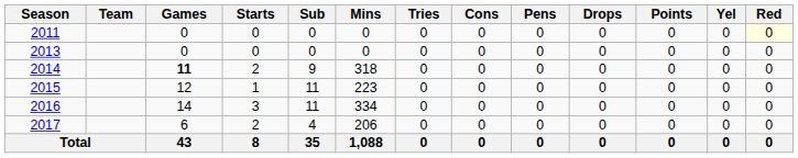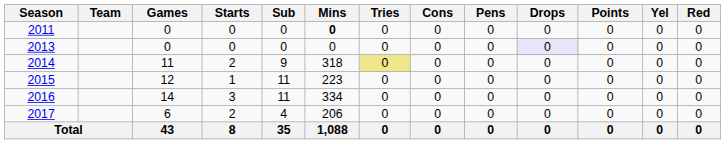 <table class="wikitable" style="text-align:center; line-height:90%; font-size:95%; width:70%;">
 <tr>
 <th>Season</th>
 <th>Team</th>
 <th>Games</th>
 <th>Starts</th>
 <th>Sub</th>
 <th>Mins</th>
 <th>Tries</th>
 <th>Cons</th>
 <th>Pens</th>
 <th>Drops</th>
 <th>Points</th>
 <th>Yel</th>
 <th>Red</th>
 </tr>
 <tr>
 <td><a href='#'>2011</a></td>
 <td></td>
 <td>0</td>
 <td>0</td>
 <td>0</td>
+<td><strong>0</strong></td>
 <td>0</td>
 <td>0</td>
 <td>0</td>
 <td>0</td>
 <td>0</td>
 <td>0</td>
 <td>0</td>
-<td style="background: lightyellow;">0</td>
 </tr>
 <tr>
 <td><a href='#'>2013</a></td>
 <td></td>
 <td>0</td>
 <td>0</td>
 <td>0</td>
 <td>0</td>
 <td>0</td>
 <td>0</td>
 <td>0</td>
-<td>0</td>
+<td style="background: lavender;">0</td>
 <td>0</td>
 <td>0</td>
 <td>0</td>
 </tr>
 <tr>
 <td><a href='#'>2014</a></td>
 <td></td>
-<td><strong>11</strong></td>
+<td>11</td>
 <td>2</td>
 <td>9</td>
 <td>318</td>
-<td>0</td>
+<td style="background: khaki;">0</td>
 <td>0</td>
 <td>0</td>
 <td>0</td>
 <td>0</td>
 <td>0</td>
 <td>0</td>
 </tr>
 <tr>
 <td><a href='#'>2015</a></td>
 <td></td>
 <td>12</td>
 <td>1</td>
 <td>11</td>
 <td>223</td>
 <td>0</td>
 <td>0</td>
 <td>0</td>
 <td>0</td>
 <td>0</td>
 <td>0</td>
 <td>0</td>
 </tr>
 <tr>
 <td><a href='#'>2016</a></td>
 <td></td>
 <td>14</td>
 <td>3</td>
 <td>11</td>
 <td>334</td>
 <td>0</td>
 <td>0</td>
 <td>0</td>
 <td>0</td>
 <td>0</td>
 <td>0</td>
 <td>0</td>
 </tr>
 <tr>
 <td><a href='#'>2017</a></td>
 <td></td>
 <td>6</td>
 <td>2</td>
 <td>4</td>
 <td>206</td>
 <td>0</td>
 <td>0</td>
 <td>0</td>
 <td>0</td>
 <td>0</td>
 <td>0</td>
 <td>0</td>
 </tr>
 <tr>
 <th colspan="2">Total</th>
 <th>43</th>
 <th>8</th>
 <th>35</th>
 <th>1,088</th>
 <th>0</th>
 <th>0</th>
 <th>0</th>
 <th>0</th>
 <th>0</th>
 <th>0</th>
 <th>0</th>
 </tr>
 </table>
